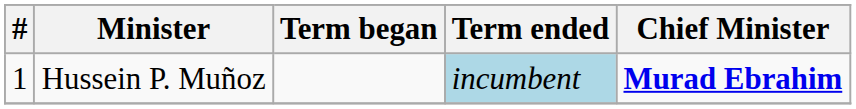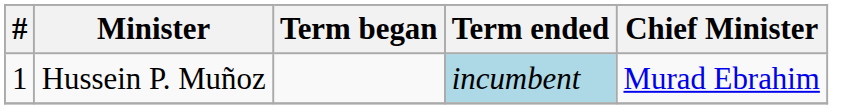 <table class="wikitable">
 <tr>
 <th>#</th>
 <th>Minister</th>
 <th>Term began</th>
 <th>Term ended</th>
 <th>Chief Minister</th>
 </tr>
 <tr>
 <td>1</td>
 <td>Hussein P. Muñoz</td>
 <td></td>
 <td style="background: lightblue;"><em>incumbent</em></td>
-<td><strong><a href='#'>Murad Ebrahim</a></strong></td>
+<td><a href='#'>Murad Ebrahim</a></td>
 </tr>
 <tr>
 </tr>
 </table>
